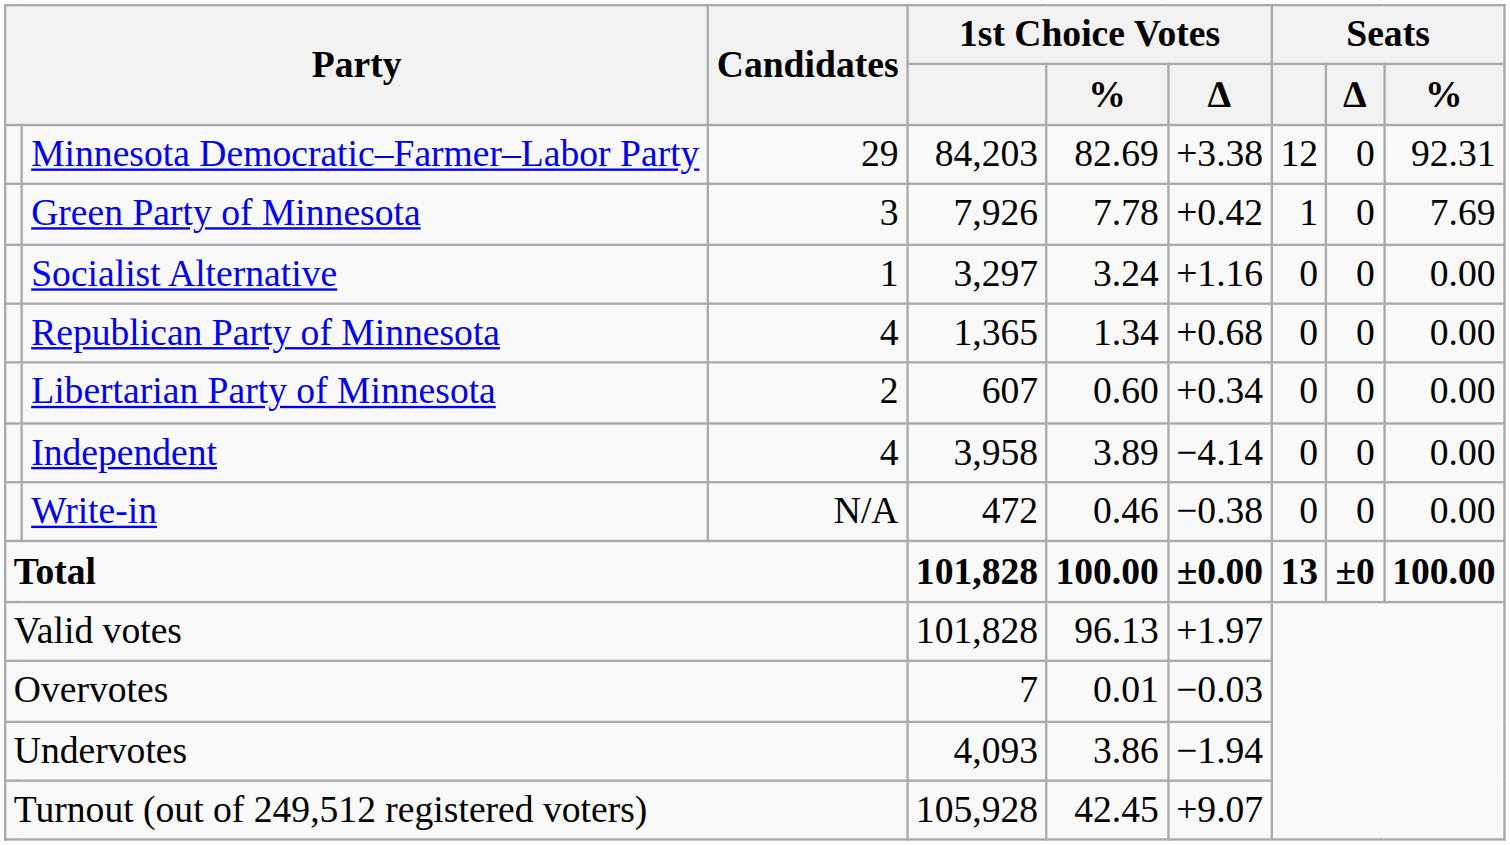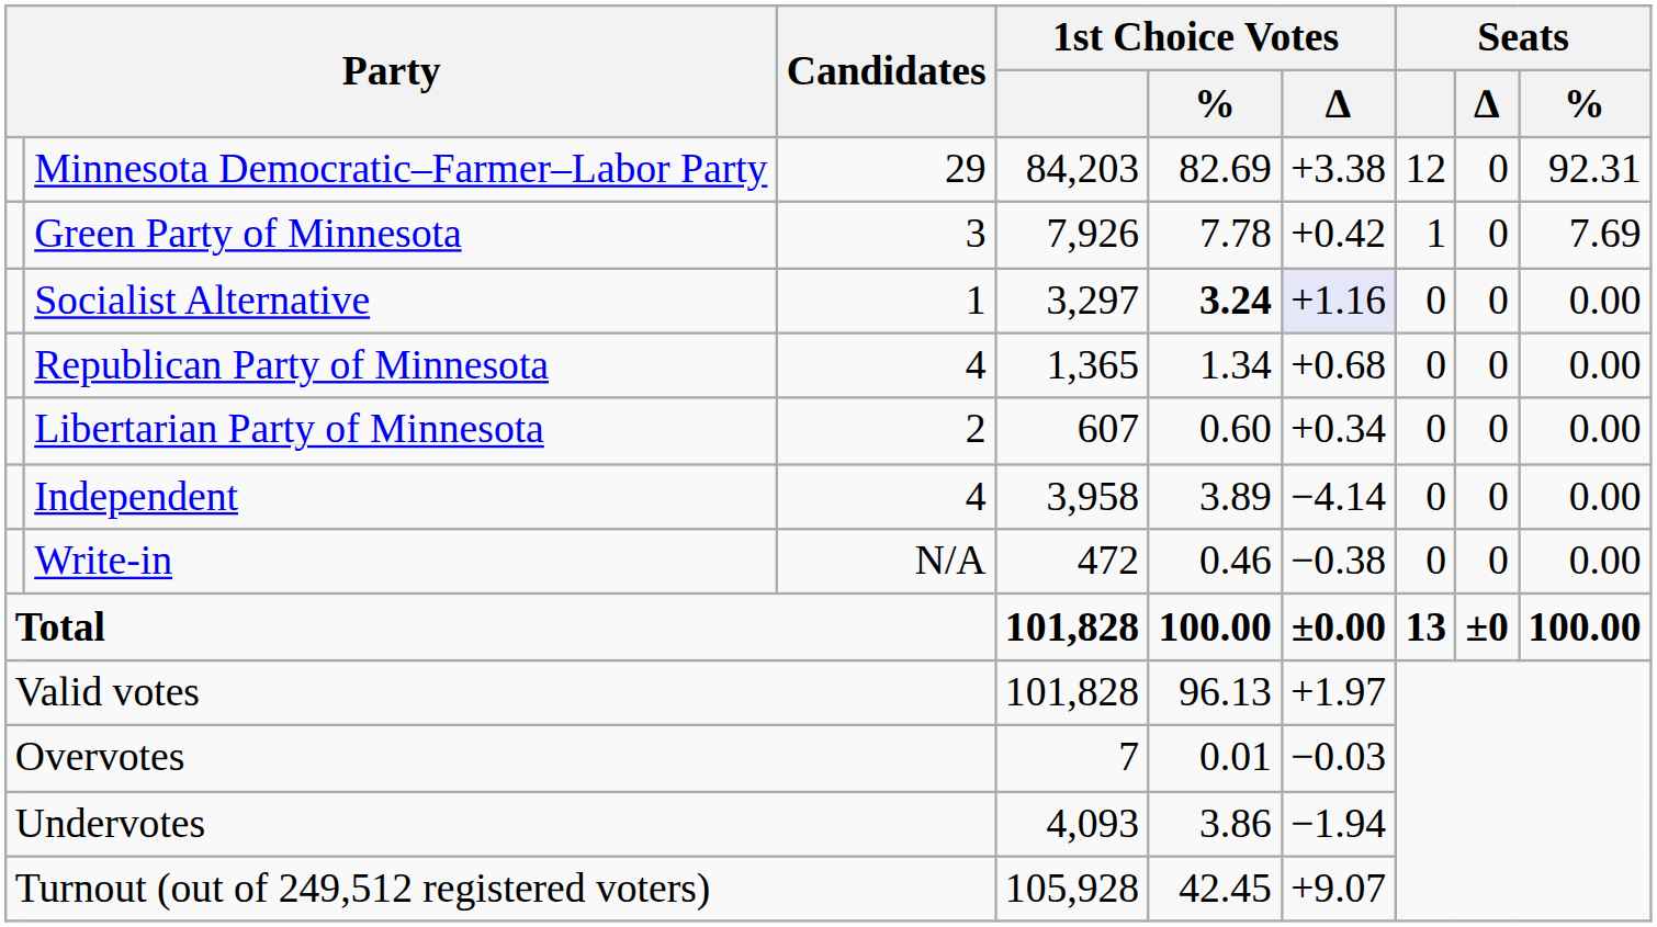 <table class="wikitable">
 <tr>
 <th rowspan="2" colspan="2">Party</th>
 <th rowspan="2">Candidates</th>
 <th colspan="3">1st Choice Votes</th>
 <th colspan="3">Seats</th>
 </tr>
 <tr>
 <th></th>
 <th>%</th>
 <th>∆</th>
 <th></th>
 <th>∆</th>
 <th>%</th>
 </tr>
 <tr>
 <td style="background-color:"></td>
 <td><a href='#'>Minnesota Democratic–Farmer–Labor Party</a></td>
 <td align="right">29</td>
 <td align="right">84,203</td>
 <td align="right">82.69</td>
 <td align="right">+3.38</td>
 <td align="right">12</td>
 <td align="right">0</td>
 <td align="right">92.31</td>
 </tr>
 <tr>
 <td style="background-color:"></td>
 <td><a href='#'>Green Party of Minnesota</a></td>
 <td align="right">3</td>
 <td align="right">7,926</td>
 <td align="right">7.78</td>
 <td align="right">+0.42</td>
 <td align="right">1</td>
 <td align="right">0</td>
 <td align="right">7.69</td>
 </tr>
 <tr>
 <td style="background-color:"></td>
 <td><a href='#'>Socialist Alternative</a></td>
 <td align="right">1</td>
 <td align="right">3,297</td>
-<td align="right">3.24</td>
-<td align="right">+1.16</td>
+<td align="right"><strong>3.24</strong></td>
+<td align="right" style="background: lavender;">+1.16</td>
 <td align="right">0</td>
 <td align="right">0</td>
 <td align="right">0.00</td>
 </tr>
 <tr>
 <td style="background-color:"></td>
 <td><a href='#'>Republican Party of Minnesota</a></td>
 <td align="right">4</td>
 <td align="right">1,365</td>
 <td align="right">1.34</td>
 <td align="right">+0.68</td>
 <td align="right">0</td>
 <td align="right">0</td>
 <td align="right">0.00</td>
 </tr>
 <tr>
 <td style="background-color:"></td>
 <td><a href='#'>Libertarian Party of Minnesota</a></td>
 <td align="right">2</td>
 <td align="right">607</td>
 <td align="right">0.60</td>
 <td align="right">+0.34</td>
 <td align="right">0</td>
 <td align="right">0</td>
 <td align="right">0.00</td>
 </tr>
 <tr>
 <td style="background-color:"></td>
 <td><a href='#'>Independent</a></td>
 <td align="right">4</td>
 <td align="right">3,958</td>
 <td align="right">3.89</td>
 <td align="right">−4.14</td>
 <td align="right">0</td>
 <td align="right">0</td>
 <td align="right">0.00</td>
 </tr>
 <tr>
 <td style="background-color:"></td>
 <td><a href='#'>Write-in</a></td>
 <td align="right">N/A</td>
 <td align="right">472</td>
 <td align="right">0.46</td>
 <td align="right">−0.38</td>
 <td align="right">0</td>
 <td align="right">0</td>
 <td align="right">0.00</td>
 </tr>
 <tr>
 <td colspan="3" align="left"><strong>Total</strong></td>
 <td align="right"><strong>101,828</strong></td>
 <td align="right"><strong>100.00</strong></td>
 <td align="right"><strong>±0.00</strong></td>
 <td align="right"><strong>13</strong></td>
 <td align="right"><strong>±0</strong></td>
 <td align="right"><strong>100.00</strong></td>
 </tr>
 <tr>
 <td colspan="3" align="left">Valid votes</td>
 <td colspan="1" align="right">101,828</td>
 <td colspan="1" align="right">96.13</td>
 <td colspan="1" align="right">+1.97</td>
 <td colspan="3" rowspan="4"></td>
 </tr>
 <tr>
 <td colspan="3" align="left">Overvotes</td>
 <td colspan="1" align="right">7</td>
 <td colspan="1" align="right">0.01</td>
 <td colspan="1" align="right">−0.03</td>
 </tr>
 <tr>
 <td colspan="3" align="left">Undervotes</td>
 <td colspan="1" align="right">4,093</td>
 <td colspan="1" align="right">3.86</td>
 <td colspan="1" align="right">−1.94</td>
 </tr>
 <tr>
 <td colspan="3" align="left">Turnout (out of 249,512 registered voters)</td>
 <td colspan="1" align="right">105,928</td>
 <td colspan="1" align="right">42.45</td>
 <td colspan="1" align="right">+9.07</td>
 </tr>
 </table>
